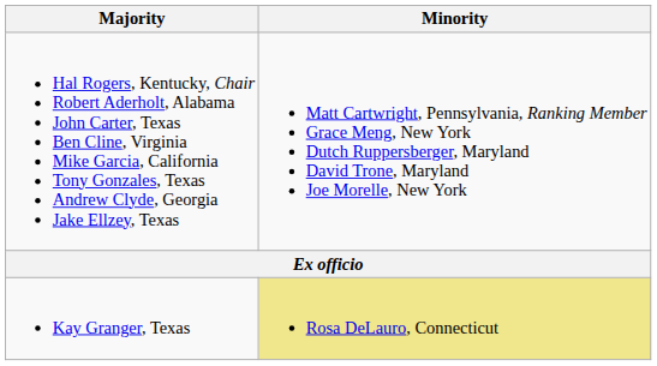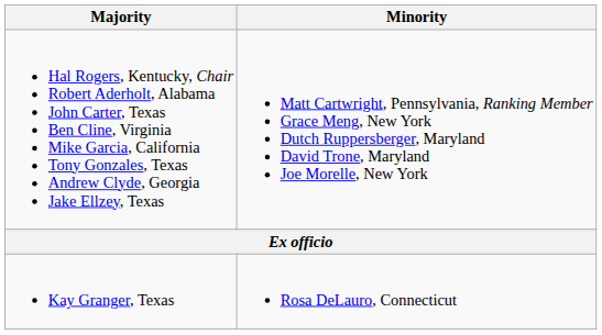 <table class=wikitable>
 <tr>
 <th>Majority</th>
 <th>Minority</th>
 </tr>
 <tr>
 <td><br><ul><li><a href='#'>Hal Rogers</a>, Kentucky, <em>Chair</em></li><li><a href='#'>Robert Aderholt</a>, Alabama</li><li><a href='#'>John Carter</a>, Texas</li><li><a href='#'>Ben Cline</a>, Virginia</li><li><a href='#'>Mike Garcia</a>, California</li><li><a href='#'>Tony Gonzales</a>, Texas</li><li><a href='#'>Andrew Clyde</a>, Georgia</li><li><a href='#'>Jake Ellzey</a>, Texas</li></ul></td>
 <td><br><ul><li><a href='#'>Matt Cartwright</a>, Pennsylvania, <em>Ranking Member</em></li><li><a href='#'>Grace Meng</a>, New York</li><li><a href='#'>Dutch Ruppersberger</a>, Maryland</li><li><a href='#'>David Trone</a>, Maryland</li><li><a href='#'>Joe Morelle</a>, New York</li></ul></td>
 </tr>
 <tr>
 <th colspan=2><em>Ex officio</em></th>
 </tr>
 <tr>
 <td><br><ul><li><a href='#'>Kay Granger</a>, Texas</li></ul></td>
-<td style="background: khaki;"><br><ul><li><a href='#'>Rosa DeLauro</a>, Connecticut</li></ul></td>
+<td><br><ul><li><a href='#'>Rosa DeLauro</a>, Connecticut</li></ul></td>
 </tr>
 </table>
